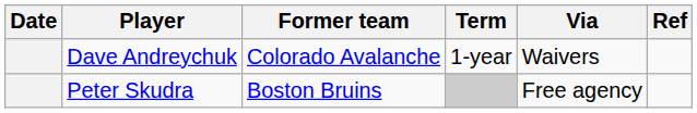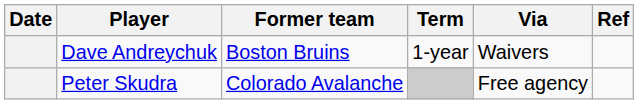 <table class="wikitable plainrowheaders">
 <tr style="background:#ddd; text-align:center;">
 <th>Date</th>
 <th>Player</th>
 <th>Former team</th>
 <th>Term</th>
 <th>Via</th>
 <th>Ref</th>
 </tr>
 <tr>
 <th scope="row"></th>
 <td><a href='#'>Dave Andreychuk</a></td>
-<td><a href='#'>Colorado Avalanche</a></td>
+<td><a href='#'>Boston Bruins</a></td>
 <td>1-year</td>
 <td>Waivers</td>
 <td></td>
 </tr>
 <tr>
 <th scope="row"></th>
 <td><a href='#'>Peter Skudra</a></td>
-<td><a href='#'>Boston Bruins</a></td>
+<td><a href='#'>Colorado Avalanche</a></td>
 <td style="background:#ccc"></td>
 <td>Free agency</td>
 <td></td>
 </tr>
 </table>
